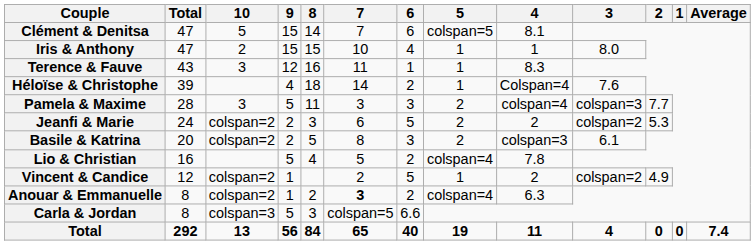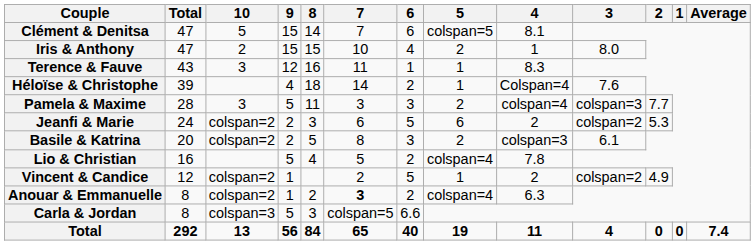 <table class="wikitable sortable collapsible" style="margin:auto; font-size:95%; line-height:12px; text-align:center">
 <tr>
 <th>Couple</th>
 <th>Total</th>
 <th>10</th>
 <th>9</th>
 <th>8</th>
 <th>7</th>
 <th>6</th>
 <th>5</th>
 <th>4</th>
 <th>3</th>
 <th>2</th>
 <th>1</th>
 <th>Average</th>
 </tr>
 <tr>
 <th>Clément & Denitsa</th>
 <td>47</td>
 <td>5</td>
 <td>15</td>
 <td>14</td>
 <td>7</td>
 <td>6</td>
 <td>colspan=5 </td>
 <td>8.1</td>
 </tr>
 <tr>
 <th>Iris & Anthony</th>
 <td>47</td>
 <td>2</td>
 <td>15</td>
 <td>15</td>
 <td>10</td>
 <td>4</td>
-<td>1</td>
+<td>2</td>
 <td>1</td>
 <td>8.0</td>
 </tr>
 <tr>
 <th>Terence & Fauve</th>
 <td>43</td>
 <td>3</td>
 <td>12</td>
 <td>16</td>
 <td>11</td>
 <td>1</td>
 <td>1</td>
 <td>8.3</td>
 </tr>
 <tr>
 <th>Héloïse & Christophe</th>
 <td>39</td>
 <td></td>
 <td>4</td>
 <td>18</td>
 <td>14</td>
 <td>2</td>
 <td>1</td>
 <td>Colspan=4 </td>
 <td>7.6</td>
 </tr>
 <tr>
 <th>Pamela & Maxime</th>
 <td>28</td>
 <td>3</td>
 <td>5</td>
 <td>11</td>
 <td>3</td>
 <td>3</td>
 <td>2</td>
 <td>colspan=4 </td>
 <td>colspan=3 </td>
 <td>7.7</td>
 </tr>
 <tr>
 <th>Jeanfi & Marie</th>
 <td>24</td>
 <td>colspan=2 </td>
 <td>2</td>
 <td>3</td>
 <td>6</td>
 <td>5</td>
-<td>2</td>
+<td>6</td>
 <td>2</td>
 <td>colspan=2 </td>
 <td>5.3</td>
 </tr>
 <tr>
 <th>Basile & Katrina</th>
 <td>20</td>
 <td>colspan=2 </td>
 <td>2</td>
 <td>5</td>
 <td>8</td>
 <td>3</td>
 <td>2</td>
 <td>colspan=3 </td>
 <td>6.1</td>
 </tr>
 <tr>
 <th>Lio & Christian</th>
 <td>16</td>
 <td></td>
 <td>5</td>
 <td>4</td>
 <td>5</td>
 <td>2</td>
 <td>colspan=4 </td>
 <td>7.8</td>
 </tr>
 <tr>
 <th>Vincent & Candice</th>
 <td>12</td>
 <td>colspan=2 </td>
 <td>1</td>
 <td></td>
 <td>2</td>
 <td>5</td>
 <td>1</td>
 <td>2</td>
 <td>colspan=2 </td>
 <td>4.9</td>
 </tr>
 <tr>
 <th>Anouar & Emmanuelle</th>
 <td>8</td>
 <td>colspan=2 </td>
 <td>1</td>
 <td>2</td>
 <td><strong>3</strong></td>
 <td>2</td>
 <td>colspan=4 </td>
 <td>6.3</td>
 </tr>
 <tr>
 <th>Carla & Jordan</th>
 <td>8</td>
 <td>colspan=3 </td>
 <td>5</td>
 <td>3</td>
 <td>colspan=5 </td>
 <td>6.6</td>
 </tr>
 <tr>
 <th>Total</th>
 <td><strong>292</strong></td>
 <td><strong>13</strong></td>
 <td><strong>56</strong></td>
 <td><strong>84</strong></td>
 <td><strong>65</strong></td>
 <td><strong>40</strong></td>
 <td><strong>19</strong></td>
 <td><strong>11</strong></td>
 <td><strong>4</strong></td>
 <td><strong>0</strong></td>
 <td><strong>0</strong></td>
 <td><strong>7.4</strong></td>
 </tr>
 </table>
